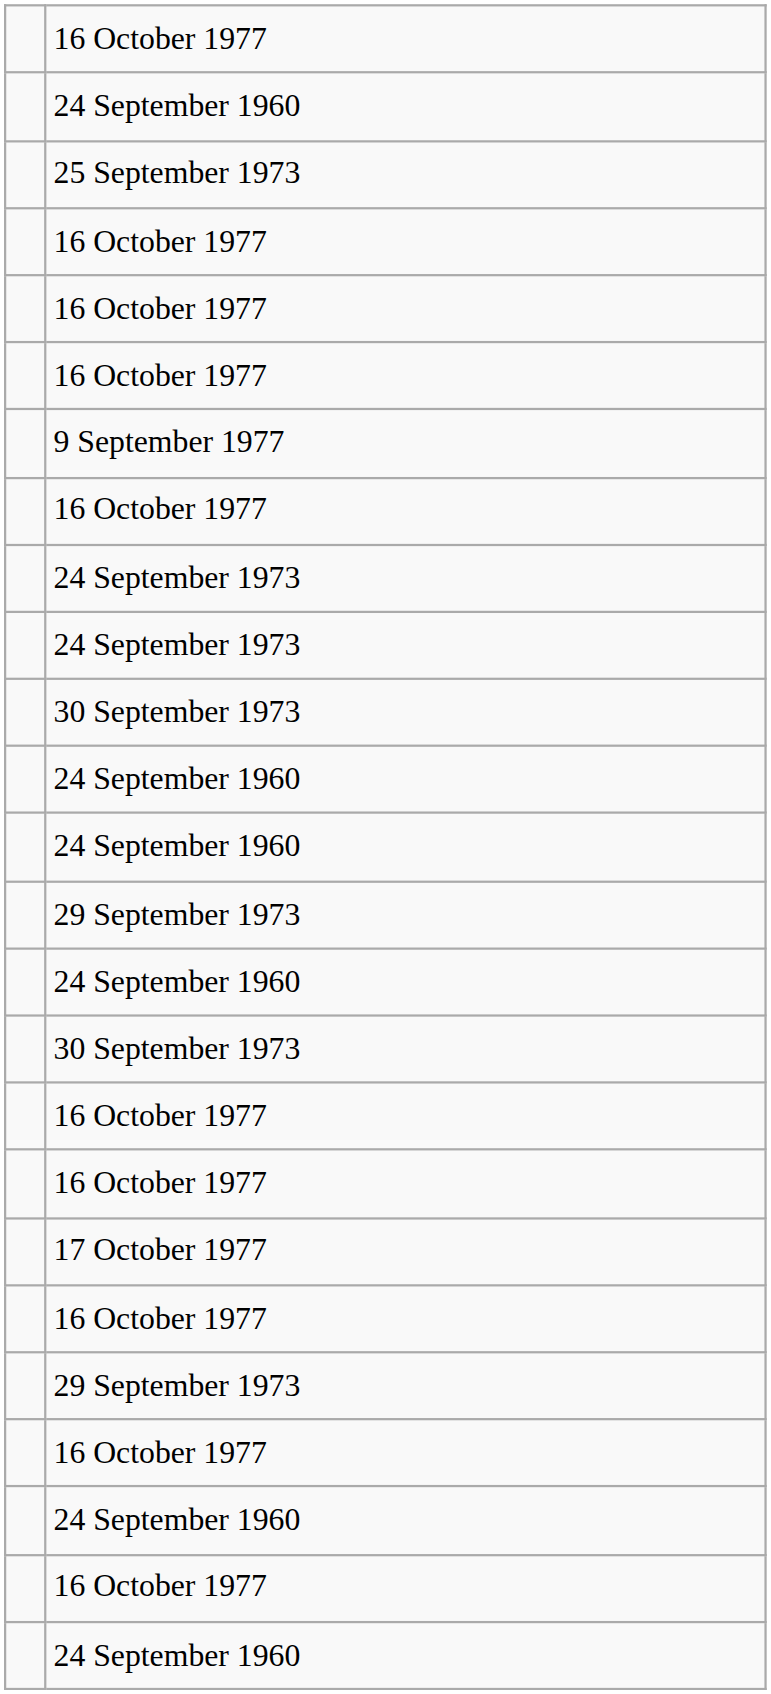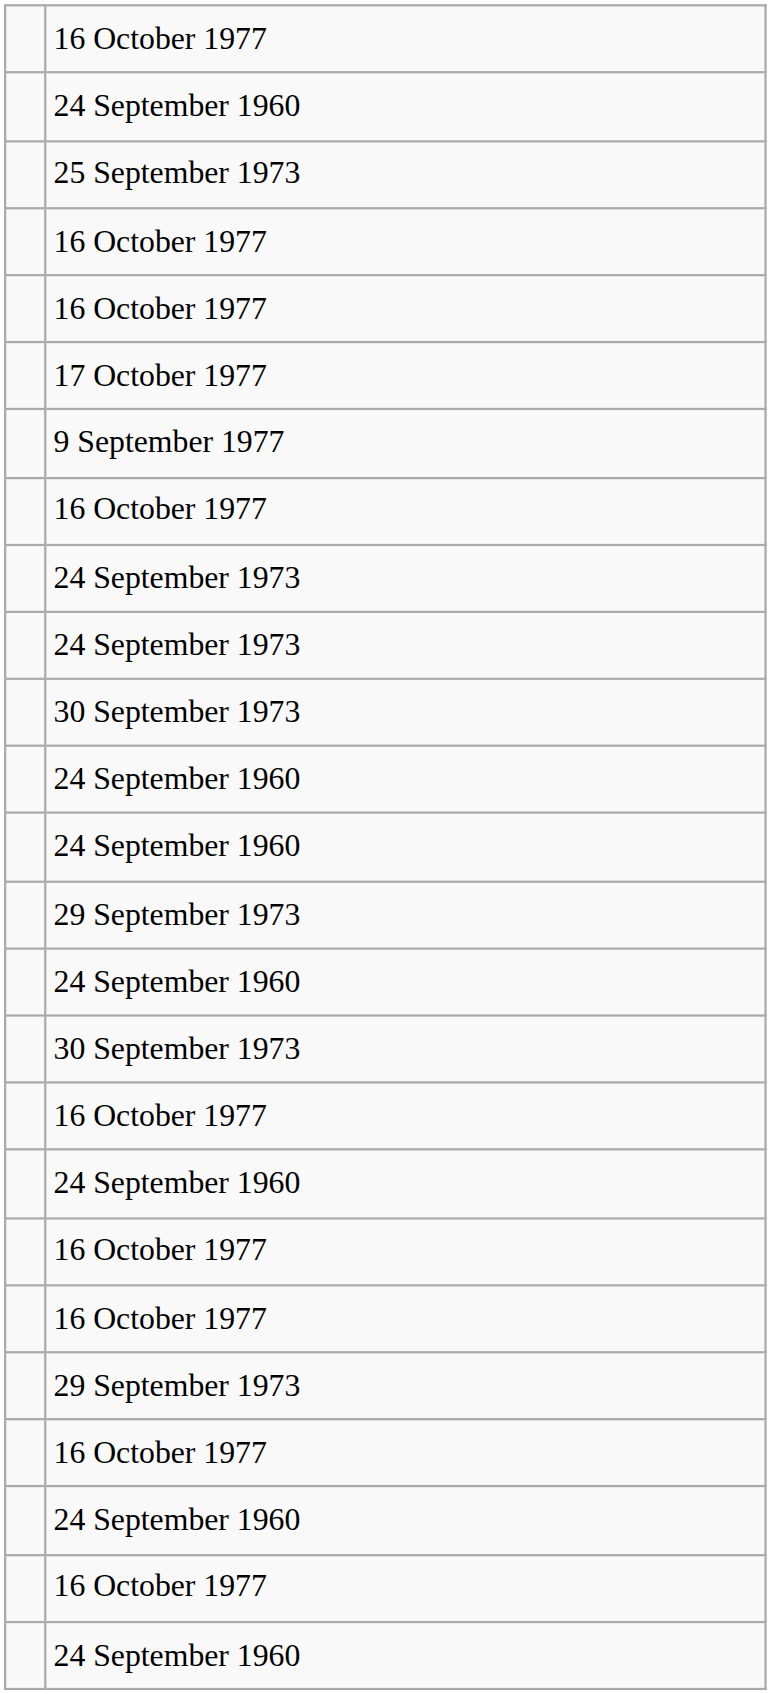 <table class="wikitable" style="font-size: 89%; float: left; width: 24em; margin-right: 1em; line-height: 1.65em">
 <tr>
 <td></td>
 <td>16 October 1977</td>
 </tr>
 <tr>
 <td></td>
 <td>24 September 1960</td>
 </tr>
 <tr>
 <td></td>
 <td>25 September 1973</td>
 </tr>
 <tr>
 <td></td>
 <td>16 October 1977</td>
 </tr>
 <tr>
 <td></td>
 <td>16 October 1977</td>
 </tr>
 <tr>
 <td></td>
-<td>16 October 1977</td>
+<td>17 October 1977</td>
 </tr>
 <tr>
 <td></td>
 <td>9 September 1977</td>
 </tr>
 <tr>
 <td></td>
 <td>16 October 1977</td>
 </tr>
 <tr>
 <td></td>
 <td>24 September 1973</td>
 </tr>
 <tr>
 <td></td>
 <td>24 September 1973</td>
 </tr>
 <tr>
 <td></td>
 <td>30 September 1973</td>
 </tr>
 <tr>
 <td></td>
 <td>24 September 1960</td>
 </tr>
 <tr>
 <td></td>
 <td>24 September 1960</td>
 </tr>
 <tr>
 <td></td>
 <td>29 September 1973</td>
 </tr>
 <tr>
 <td></td>
 <td>24 September 1960</td>
 </tr>
 <tr>
 <td></td>
 <td>30 September 1973</td>
 </tr>
 <tr>
 <td></td>
 <td>16 October 1977</td>
 </tr>
 <tr>
 <td></td>
-<td>16 October 1977</td>
+<td>24 September 1960</td>
 </tr>
 <tr>
 <td></td>
-<td>17 October 1977</td>
+<td>16 October 1977</td>
 </tr>
 <tr>
 <td></td>
 <td>16 October 1977</td>
 </tr>
 <tr>
 <td></td>
 <td>29 September 1973</td>
 </tr>
 <tr>
 <td></td>
 <td>16 October 1977</td>
 </tr>
 <tr>
 <td></td>
 <td>24 September 1960</td>
 </tr>
 <tr>
 <td></td>
 <td>16 October 1977</td>
 </tr>
 <tr>
 <td></td>
 <td>24 September 1960</td>
 </tr>
 </table>
